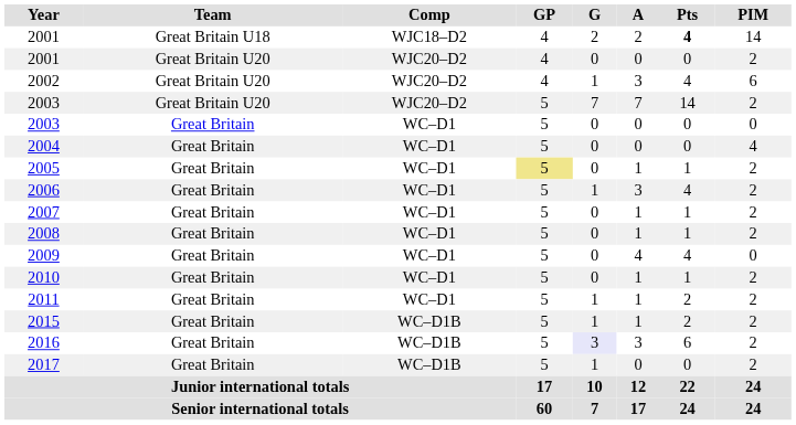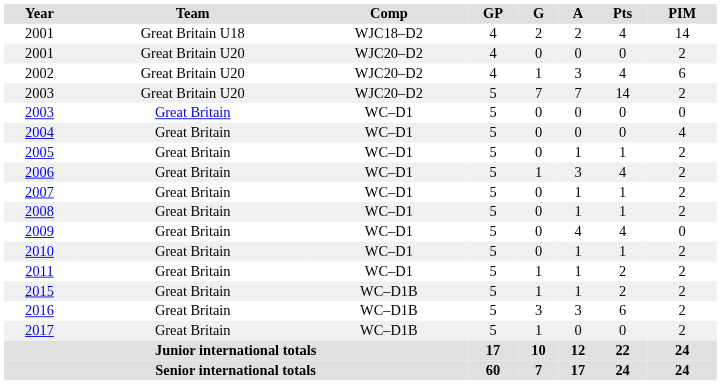 <table border="0" cellpadding="2" cellspacing="0" style="width:50%;">
 <tr style="text-align:center; background:#e0e0e0;">
 <th>Year</th>
 <th>Team</th>
 <th>Comp</th>
 <th>GP</th>
 <th>G</th>
 <th>A</th>
 <th>Pts</th>
 <th>PIM</th>
 </tr>
 <tr style="text-align:center;">
 <td>2001</td>
 <td>Great Britain U18</td>
 <td>WJC18–D2</td>
 <td>4</td>
 <td>2</td>
 <td>2</td>
-<td><strong>4</strong></td>
+<td>4</td>
 <td>14</td>
 </tr>
 <tr style="text-align:center; background:#f0f0f0;">
 <td>2001</td>
 <td>Great Britain U20</td>
 <td>WJC20–D2</td>
 <td>4</td>
 <td>0</td>
 <td>0</td>
 <td>0</td>
 <td>2</td>
 </tr>
 <tr style="text-align:center;">
 <td>2002</td>
 <td>Great Britain U20</td>
 <td>WJC20–D2</td>
 <td>4</td>
 <td>1</td>
 <td>3</td>
 <td>4</td>
 <td>6</td>
 </tr>
 <tr style="text-align:center; background:#f0f0f0;">
 <td>2003</td>
 <td>Great Britain U20</td>
 <td>WJC20–D2</td>
 <td>5</td>
 <td>7</td>
 <td>7</td>
 <td>14</td>
 <td>2</td>
 </tr>
 <tr style="text-align:center;">
 <td><a href='#'>2003</a></td>
 <td><a href='#'>Great Britain</a></td>
 <td>WC–D1</td>
 <td>5</td>
 <td>0</td>
 <td>0</td>
 <td>0</td>
 <td>0</td>
 </tr>
 <tr style="text-align:center; background:#f0f0f0;">
 <td><a href='#'>2004</a></td>
 <td>Great Britain</td>
 <td>WC–D1</td>
 <td>5</td>
 <td>0</td>
 <td>0</td>
 <td>0</td>
 <td>4</td>
 </tr>
 <tr style="text-align:center;">
 <td><a href='#'>2005</a></td>
 <td>Great Britain</td>
 <td>WC–D1</td>
-<td style="background: khaki;">5</td>
+<td>5</td>
 <td>0</td>
 <td>1</td>
 <td>1</td>
 <td>2</td>
 </tr>
 <tr style="text-align:center; background:#f0f0f0;">
 <td><a href='#'>2006</a></td>
 <td>Great Britain</td>
 <td>WC–D1</td>
 <td>5</td>
 <td>1</td>
 <td>3</td>
 <td>4</td>
 <td>2</td>
 </tr>
 <tr style="text-align:center;">
 <td><a href='#'>2007</a></td>
 <td>Great Britain</td>
 <td>WC–D1</td>
 <td>5</td>
 <td>0</td>
 <td>1</td>
 <td>1</td>
 <td>2</td>
 </tr>
 <tr style="text-align:center; background:#f0f0f0;">
 <td><a href='#'>2008</a></td>
 <td>Great Britain</td>
 <td>WC–D1</td>
 <td>5</td>
 <td>0</td>
 <td>1</td>
 <td>1</td>
 <td>2</td>
 </tr>
 <tr style="text-align:center;">
 <td><a href='#'>2009</a></td>
 <td>Great Britain</td>
 <td>WC–D1</td>
 <td>5</td>
 <td>0</td>
 <td>4</td>
 <td>4</td>
 <td>0</td>
 </tr>
 <tr style="text-align:center; background:#f0f0f0;">
 <td><a href='#'>2010</a></td>
 <td>Great Britain</td>
 <td>WC–D1</td>
 <td>5</td>
 <td>0</td>
 <td>1</td>
 <td>1</td>
 <td>2</td>
 </tr>
 <tr style="text-align:center;">
 <td><a href='#'>2011</a></td>
 <td>Great Britain</td>
 <td>WC–D1</td>
 <td>5</td>
 <td>1</td>
 <td>1</td>
 <td>2</td>
 <td>2</td>
 </tr>
 <tr style="text-align:center; background:#f0f0f0;">
 <td><a href='#'>2015</a></td>
 <td>Great Britain</td>
 <td>WC–D1B</td>
 <td>5</td>
 <td>1</td>
 <td>1</td>
 <td>2</td>
 <td>2</td>
 </tr>
 <tr style="text-align:center;">
 <td><a href='#'>2016</a></td>
 <td>Great Britain</td>
 <td>WC–D1B</td>
 <td>5</td>
-<td style="background: lavender;">3</td>
+<td>3</td>
 <td>3</td>
 <td>6</td>
 <td>2</td>
 </tr>
 <tr style="text-align:center; background:#f0f0f0;">
 <td><a href='#'>2017</a></td>
 <td>Great Britain</td>
 <td>WC–D1B</td>
 <td>5</td>
 <td>1</td>
 <td>0</td>
 <td>0</td>
 <td>2</td>
 </tr>
 <tr style="text-align:center; background:#e0e0e0;">
 <th colspan="3">Junior international totals</th>
 <th style="text-align:center;">17</th>
 <th style="text-align:center;">10</th>
 <th style="text-align:center;">12</th>
 <th style="text-align:center;">22</th>
 <th style="text-align:center;">24</th>
 </tr>
 <tr style="text-align:center; background:#e0e0e0;">
 <th colspan="3">Senior international totals</th>
 <th style="text-align:center;">60</th>
 <th style="text-align:center;">7</th>
 <th style="text-align:center;">17</th>
 <th style="text-align:center;">24</th>
 <th style="text-align:center;">24</th>
 </tr>
 </table>
